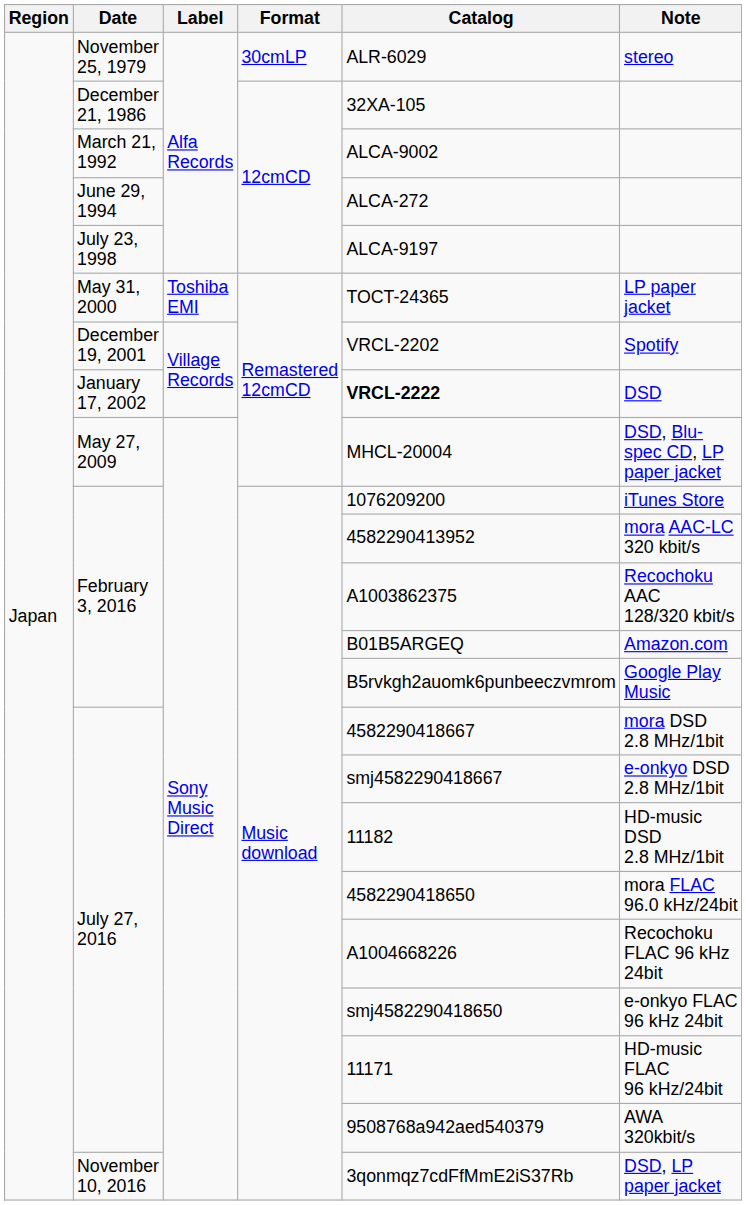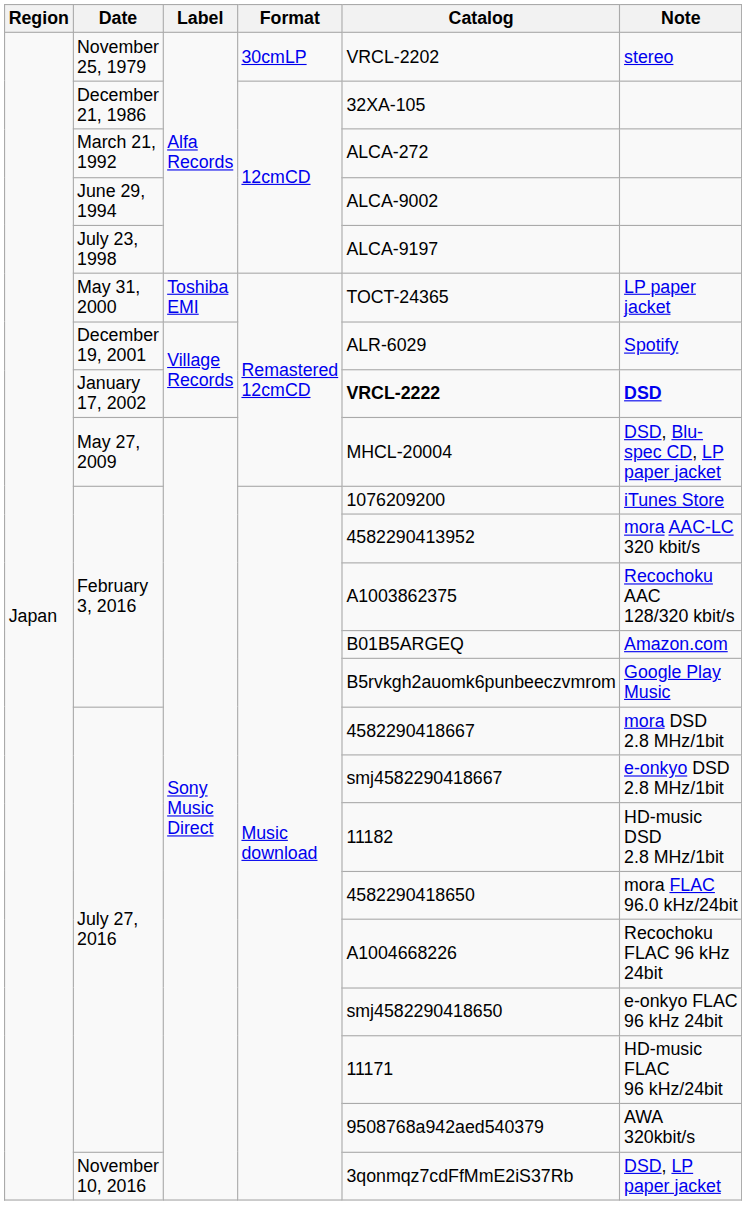 <table class="wikitable sortable">
 <tr>
 <th>Region</th>
 <th>Date</th>
 <th>Label</th>
 <th>Format</th>
 <th>Catalog</th>
 <th>Note</th>
 </tr>
 <tr>
 <td rowspan="23">Japan</td>
 <td>November 25, 1979</td>
 <td rowspan="5"><a href='#'>Alfa Records</a></td>
 <td><a href='#'>30cmLP</a></td>
-<td>ALR-6029</td>
+<td>VRCL-2202</td>
 <td><a href='#'>stereo</a></td>
 </tr>
 <tr>
 <td>December 21, 1986</td>
 <td rowspan="4"><a href='#'>12cmCD</a></td>
 <td>32XA-105</td>
 <td></td>
 </tr>
 <tr>
 <td>March 21, 1992</td>
-<td>ALCA-9002</td>
+<td>ALCA-272</td>
 <td></td>
 </tr>
 <tr>
 <td>June 29, 1994</td>
-<td>ALCA-272</td>
+<td>ALCA-9002</td>
 <td></td>
 </tr>
 <tr>
 <td>July 23, 1998</td>
 <td>ALCA-9197</td>
 <td></td>
 </tr>
 <tr>
 <td>May 31, 2000</td>
 <td><a href='#'>Toshiba EMI</a></td>
 <td rowspan="4"><a href='#'>Remastered</a> <a href='#'>12cmCD</a></td>
 <td>TOCT-24365</td>
 <td><a href='#'>LP paper jacket</a></td>
 </tr>
 <tr>
 <td>December 19, 2001</td>
 <td rowspan="2"><a href='#'>Village Records</a></td>
-<td>VRCL-2202</td>
+<td>ALR-6029</td>
 <td><a href='#'>Spotify</a></td>
 </tr>
 <tr>
 <td>January 17, 2002</td>
 <td><strong>VRCL-2222</strong></td>
-<td><a href='#'>DSD</a></td>
+<td><strong><a href='#'>DSD</a></strong></td>
 </tr>
 <tr>
 <td>May 27, 2009</td>
 <td rowspan="15"><a href='#'>Sony Music Direct</a></td>
 <td>MHCL-20004</td>
 <td><a href='#'>DSD</a>, <a href='#'>Blu-spec CD</a>, <a href='#'>LP paper jacket</a></td>
 </tr>
 <tr>
 <td rowspan="5">February 3, 2016</td>
 <td rowspan="14"><a href='#'>Music download</a></td>
 <td>1076209200</td>
 <td><a href='#'>iTunes Store</a></td>
 </tr>
 <tr>
 <td>4582290413952</td>
 <td><a href='#'>mora</a> <a href='#'>AAC-LC</a> 320 kbit/s</td>
 </tr>
 <tr>
 <td>A1003862375</td>
 <td><a href='#'>Recochoku</a> AAC 128/320 kbit/s</td>
 </tr>
 <tr>
 <td>B01B5ARGEQ</td>
 <td><a href='#'>Amazon.com</a></td>
 </tr>
 <tr>
 <td>B5rvkgh2auomk6punbeeczvmrom</td>
 <td><a href='#'>Google Play Music</a></td>
 </tr>
 <tr>
 <td rowspan="8">July 27, 2016</td>
 <td>4582290418667</td>
 <td><a href='#'>mora</a> DSD 2.8 MHz/1bit</td>
 </tr>
 <tr>
 <td>smj4582290418667</td>
 <td><a href='#'>e-onkyo</a>  DSD 2.8 MHz/1bit</td>
 </tr>
 <tr>
 <td>11182</td>
 <td>HD-music DSD 2.8 MHz/1bit</td>
 </tr>
 <tr>
 <td>4582290418650</td>
 <td>mora <a href='#'>FLAC</a> 96.0 kHz/24bit</td>
 </tr>
 <tr>
 <td>A1004668226</td>
 <td>Recochoku FLAC 96 kHz 24bit</td>
 </tr>
 <tr>
 <td>smj4582290418650</td>
 <td>e-onkyo FLAC 96 kHz 24bit</td>
 </tr>
 <tr>
 <td>11171</td>
 <td>HD-music FLAC 96 kHz/24bit</td>
 </tr>
 <tr>
 <td>9508768a942aed540379</td>
 <td>AWA 320kbit/s</td>
 </tr>
 <tr>
 <td>November 10, 2016</td>
 <td>3qonmqz7cdFfMmE2iS37Rb</td>
 <td><a href='#'>DSD</a>, <a href='#'>LP paper jacket</a></td>
 </tr>
 </table>
